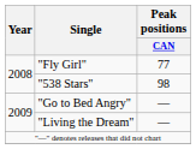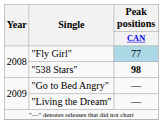 <table class="wikitable" style="text-align:center;">
 <tr>
 <th rowspan="2">Year</th>
 <th rowspan="2">Single</th>
 <th>Peak positions</th>
 </tr>
 <tr style="font-size:smaller;">
 <th width="65"><a href='#'>CAN</a></th>
 </tr>
 <tr>
 <td rowspan="2">2008</td>
 <td align="left">"Fly Girl"</td>
-<td>77</td>
+<td style="background: lightblue;">77</td>
 </tr>
 <tr>
 <td align="left">"538 Stars"</td>
-<td>98</td>
+<td><strong>98</strong></td>
 </tr>
 <tr>
 <td rowspan="2">2009</td>
 <td align="left">"Go to Bed Angry"</td>
 <td>—</td>
 </tr>
 <tr>
 <td align="left">"Living the Dream"</td>
 <td>—</td>
 </tr>
 <tr>
 <td colspan="3" style="font-size:8pt">"—" denotes releases that did not chart</td>
 </tr>
 <tr>
 </tr>
 </table>
